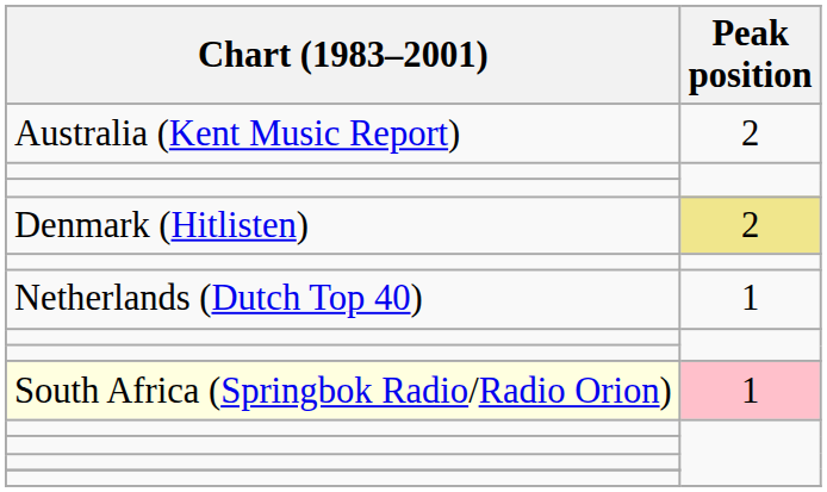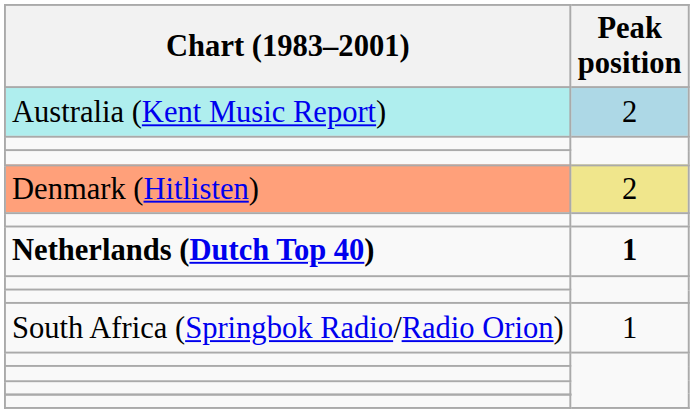 <table class="wikitable sortable">
 <tr>
 <th>Chart (1983–2001)</th>
 <th>Peak<br>position</th>
 </tr>
 <tr>
-<td>Australia (<a href='#'>Kent Music Report</a>)</td>
-<td align="center">2</td>
+<td style="background: paleturquoise;">Australia (<a href='#'>Kent Music Report</a>)</td>
+<td align="center" style="background: lightblue;">2</td>
 </tr>
 <tr>
 <td></td>
 </tr>
 <tr>
 <td></td>
 </tr>
 <tr>
-<td>Denmark (<a href='#'>Hitlisten</a>)</td>
+<td style="background: lightsalmon;">Denmark (<a href='#'>Hitlisten</a>)</td>
 <td align="center" style="background: khaki;">2</td>
 </tr>
 <tr>
 <td></td>
 </tr>
 <tr>
-<td>Netherlands (<a href='#'>Dutch Top 40</a>)</td>
-<td align="center">1</td>
+<td><strong>Netherlands (<a href='#'>Dutch Top 40</a>)</strong></td>
+<td align="center"><strong>1</strong></td>
 </tr>
 <tr>
 <td></td>
 </tr>
 <tr>
 <td></td>
 </tr>
 <tr>
-<td style="background: lightyellow;">South Africa (<a href='#'>Springbok Radio</a>/<a href='#'>Radio Orion</a>)</td>
-<td align="center" style="background: pink;">1</td>
+<td>South Africa (<a href='#'>Springbok Radio</a>/<a href='#'>Radio Orion</a>)</td>
+<td align="center">1</td>
 </tr>
 <tr>
 <td></td>
 </tr>
 <tr>
 <td></td>
 </tr>
 <tr>
 <td></td>
 </tr>
 <tr>
 </tr>
 <tr>
 <td></td>
 </tr>
 </table>
